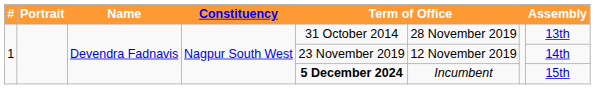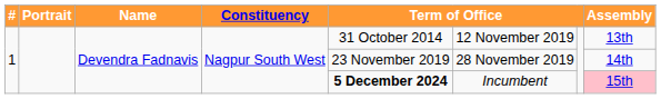 <table class="wikitable">
 <tr>
 <th style="background-color:#FF9933; color:white">#</th>
 <th style="background-color:#FF9933; color:white">Portrait</th>
 <th style="background-color:#FF9933; color:white">Name</th>
 <th style="background-color:#FF9933; color:white"><a href='#'>Constituency</a></th>
 <th colspan="3" style="background-color:#FF9933; color:white">Term of Office</th>
 <th style="background-color:#FF9933; color:white">Assembly</th>
 </tr>
 <tr style="text-align:center;">
 <td rowspan="3">1</td>
 <td rowspan="3"></td>
 <td rowspan="3"><a href='#'>Devendra Fadnavis</a></td>
 <td rowspan="3"><a href='#'>Nagpur South West</a></td>
 <td>31 October 2014</td>
-<td>28 November 2019</td>
+<td>12 November 2019</td>
 <td rowspan="3"></td>
 <td><a href='#'>13th</a></td>
 </tr>
 <tr style="text-align:center;">
 <td>23 November 2019</td>
-<td>12 November 2019</td>
+<td>28 November 2019</td>
 <td><a href='#'>14th</a></td>
 </tr>
 <tr style="text-align:center;">
 <td><strong>5 December 2024</strong></td>
 <td><em>Incumbent</em></td>
-<td><a href='#'>15th</a></td>
+<td style="background: pink;"><a href='#'>15th</a></td>
 </tr>
 </table>
